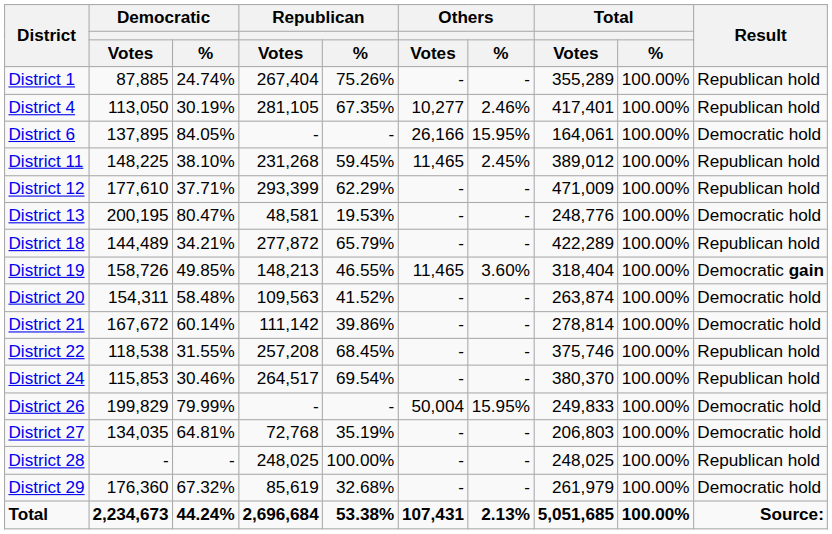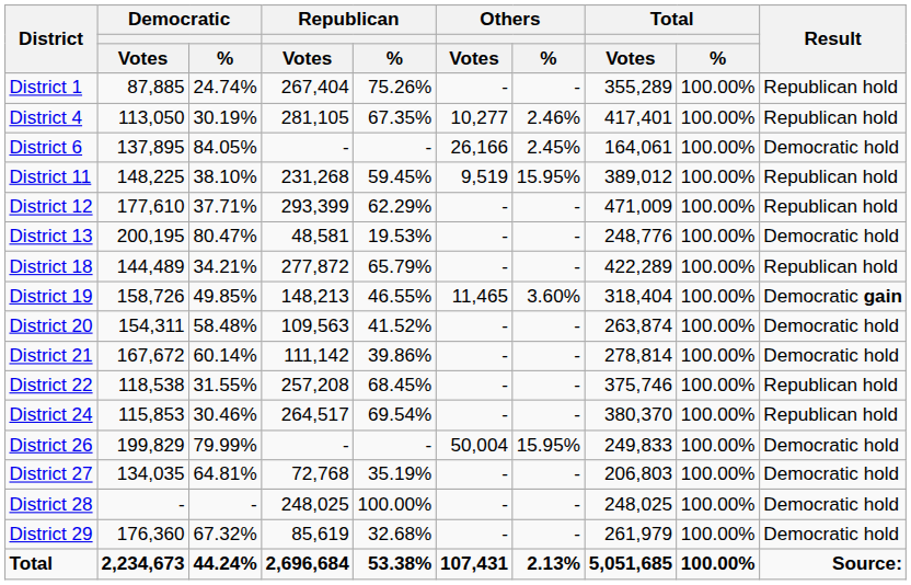 <table class="wikitable plainrowheaders sortable" style="text-align:right;">
 <tr>
 <th rowspan="3">District</th>
 <th colspan="2">Democratic</th>
 <th colspan="2">Republican</th>
 <th colspan="2">Others</th>
 <th colspan="2">Total</th>
 <th rowspan="3">Result</th>
 </tr>
 <tr>
 <th colspan="2" style="background:"></th>
 <th colspan="2" style="background:"></th>
 <th colspan="2"></th>
 <th colspan="2"></th>
 </tr>
 <tr>
 <th scope=col data-sort-type="number">Votes</th>
 <th scope=col data-sort-type="number">%</th>
 <th scope=col data-sort-type="number">Votes</th>
 <th scope=col data-sort-type="number">%</th>
 <th scope=col data-sort-type="number">Votes</th>
 <th scope=col data-sort-type="number">%</th>
 <th scope=col data-sort-type="number">Votes</th>
 <th scope=col data-sort-type="number">%</th>
 </tr>
 <tr>
 <td style="text-align:left;"><a href='#'>District 1</a></td>
 <td>87,885</td>
 <td>24.74%</td>
 <td>267,404</td>
 <td>75.26%</td>
 <td>-</td>
 <td>-</td>
 <td>355,289</td>
 <td>100.00%</td>
 <td style="text-align:left;">Republican hold</td>
 </tr>
 <tr>
 <td style="text-align:left;"><a href='#'>District 4</a></td>
 <td>113,050</td>
 <td>30.19%</td>
 <td>281,105</td>
 <td>67.35%</td>
 <td>10,277</td>
 <td>2.46%</td>
 <td>417,401</td>
 <td>100.00%</td>
 <td style="text-align:left;">Republican hold</td>
 </tr>
 <tr>
 <td style="text-align:left;"><a href='#'>District 6</a></td>
 <td>137,895</td>
 <td>84.05%</td>
 <td>-</td>
 <td>-</td>
 <td>26,166</td>
-<td>15.95%</td>
+<td>2.45%</td>
 <td>164,061</td>
 <td>100.00%</td>
 <td style="text-align:left;">Democratic hold</td>
 </tr>
 <tr>
 <td style="text-align:left;"><a href='#'>District 11</a></td>
 <td>148,225</td>
 <td>38.10%</td>
 <td>231,268</td>
 <td>59.45%</td>
-<td>11,465</td>
-<td>2.45%</td>
+<td>9,519</td>
+<td>15.95%</td>
 <td>389,012</td>
 <td>100.00%</td>
 <td style="text-align:left;">Republican hold</td>
 </tr>
 <tr>
 <td style="text-align:left;"><a href='#'>District 12</a></td>
 <td>177,610</td>
 <td>37.71%</td>
 <td>293,399</td>
 <td>62.29%</td>
 <td>-</td>
 <td>-</td>
 <td>471,009</td>
 <td>100.00%</td>
 <td style="text-align:left;">Republican hold</td>
 </tr>
 <tr>
 <td style="text-align:left;"><a href='#'>District 13</a></td>
 <td>200,195</td>
 <td>80.47%</td>
 <td>48,581</td>
 <td>19.53%</td>
 <td>-</td>
 <td>-</td>
 <td>248,776</td>
 <td>100.00%</td>
 <td style="text-align:left;">Democratic hold</td>
 </tr>
 <tr>
 <td style="text-align:left;"><a href='#'>District 18</a></td>
 <td>144,489</td>
 <td>34.21%</td>
 <td>277,872</td>
 <td>65.79%</td>
 <td>-</td>
 <td>-</td>
 <td>422,289</td>
 <td>100.00%</td>
 <td style="text-align:left;">Republican hold</td>
 </tr>
 <tr>
 <td style="text-align:left;"><a href='#'>District 19</a></td>
 <td>158,726</td>
 <td>49.85%</td>
 <td>148,213</td>
 <td>46.55%</td>
 <td>11,465</td>
 <td>3.60%</td>
 <td>318,404</td>
 <td>100.00%</td>
 <td style="text-align:left;">Democratic <strong>gain</strong></td>
 </tr>
 <tr>
 <td style="text-align:left;"><a href='#'>District 20</a></td>
 <td>154,311</td>
 <td>58.48%</td>
 <td>109,563</td>
 <td>41.52%</td>
 <td>-</td>
 <td>-</td>
 <td>263,874</td>
 <td>100.00%</td>
 <td style="text-align:left;">Democratic hold</td>
 </tr>
 <tr>
 <td style="text-align:left;"><a href='#'>District 21</a></td>
 <td>167,672</td>
 <td>60.14%</td>
 <td>111,142</td>
 <td>39.86%</td>
 <td>-</td>
 <td>-</td>
 <td>278,814</td>
 <td>100.00%</td>
 <td style="text-align:left;">Democratic hold</td>
 </tr>
 <tr>
 <td style="text-align:left;"><a href='#'>District 22</a></td>
 <td>118,538</td>
 <td>31.55%</td>
 <td>257,208</td>
 <td>68.45%</td>
 <td>-</td>
 <td>-</td>
 <td>375,746</td>
 <td>100.00%</td>
 <td style="text-align:left;">Republican hold</td>
 </tr>
 <tr>
 <td style="text-align:left;"><a href='#'>District 24</a></td>
 <td>115,853</td>
 <td>30.46%</td>
 <td>264,517</td>
 <td>69.54%</td>
 <td>-</td>
 <td>-</td>
 <td>380,370</td>
 <td>100.00%</td>
 <td style="text-align:left;">Republican hold</td>
 </tr>
 <tr>
 <td style="text-align:left;"><a href='#'>District 26</a></td>
 <td>199,829</td>
 <td>79.99%</td>
 <td>-</td>
 <td>-</td>
 <td>50,004</td>
 <td>15.95%</td>
 <td>249,833</td>
 <td>100.00%</td>
 <td style="text-align:left;">Democratic hold</td>
 </tr>
 <tr>
 <td style="text-align:left;"><a href='#'>District 27</a></td>
 <td>134,035</td>
 <td>64.81%</td>
 <td>72,768</td>
 <td>35.19%</td>
 <td>-</td>
 <td>-</td>
 <td>206,803</td>
 <td>100.00%</td>
 <td style="text-align:left;">Democratic hold</td>
 </tr>
 <tr>
 <td style="text-align:left;"><a href='#'>District 28</a></td>
 <td>-</td>
 <td>-</td>
 <td>248,025</td>
 <td>100.00%</td>
 <td>-</td>
 <td>-</td>
 <td>248,025</td>
 <td>100.00%</td>
-<td style="text-align:left;">Republican hold</td>
+<td style="text-align:left;">Democratic hold</td>
 </tr>
 <tr>
 <td style="text-align:left;"><a href='#'>District 29</a></td>
 <td>176,360</td>
 <td>67.32%</td>
 <td>85,619</td>
 <td>32.68%</td>
 <td>-</td>
 <td>-</td>
 <td>261,979</td>
 <td>100.00%</td>
 <td style="text-align:left;">Democratic hold</td>
 </tr>
 <tr class="sortbottom" style="font-weight:bold">
 <td style="text-align:left;">Total</td>
 <td>2,234,673</td>
 <td>44.24%</td>
 <td>2,696,684</td>
 <td>53.38%</td>
 <td>107,431</td>
 <td>2.13%</td>
 <td>5,051,685</td>
 <td>100.00%</td>
 <td>Source:</td>
 </tr>
 </table>
